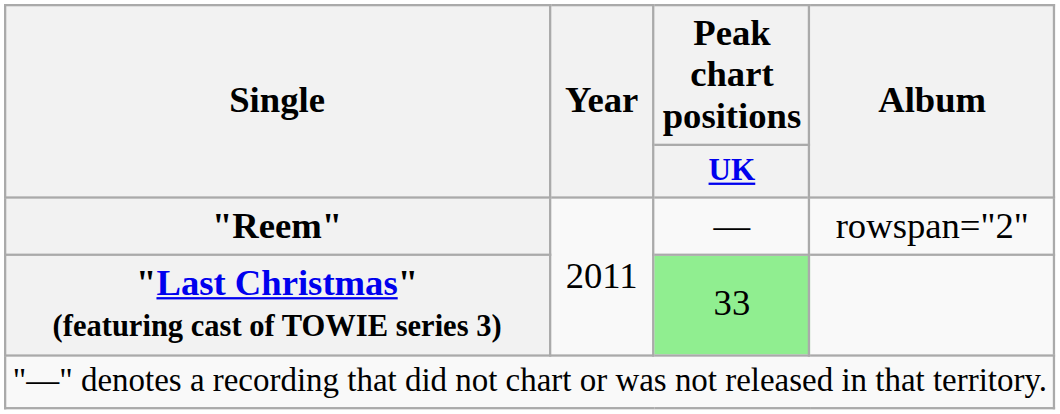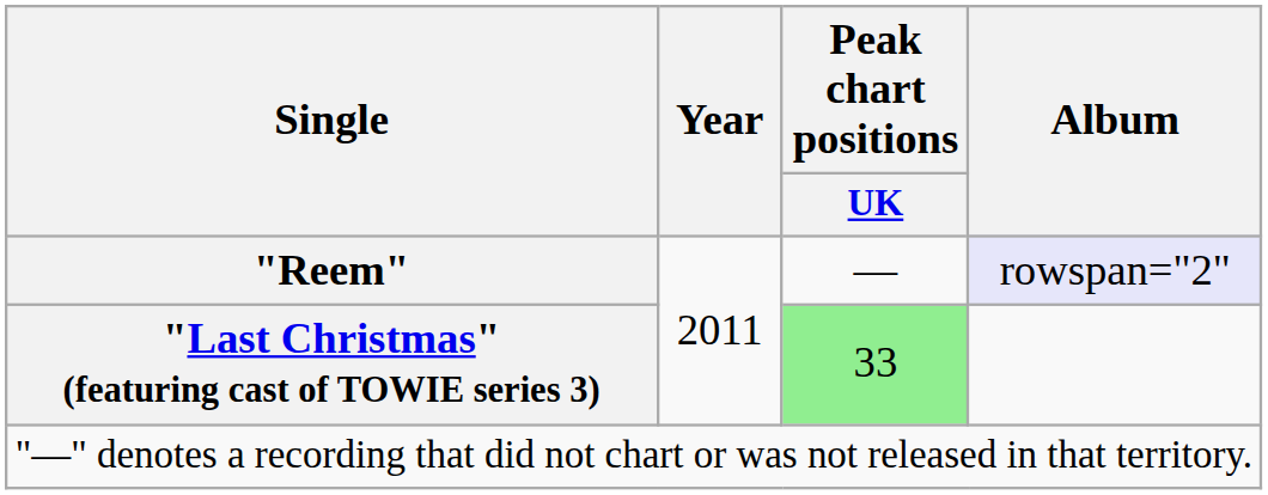 <table class="wikitable plainrowheaders" style="text-align:center;">
 <tr>
 <th scope="col" rowspan="2">Single</th>
 <th scope="col" rowspan="2">Year</th>
 <th scope="col" colspan="1">Peak chart positions</th>
 <th scope="col" rowspan="2">Album</th>
 </tr>
 <tr>
 <th scope="col" style="width:4em;font-size:85%;"><a href='#'>UK</a><br></th>
 </tr>
 <tr>
 <th scope="row">"Reem"</th>
 <td rowspan="2">2011</td>
 <td>—</td>
-<td>rowspan="2" </td>
+<td style="background: lavender;">rowspan="2" </td>
 </tr>
 <tr>
 <th scope="row">"<a href='#'>Last Christmas</a>"<br><small>(featuring cast of TOWIE series 3)</small></th>
 <td style="background: lightgreen;">33</td>
 </tr>
 <tr>
 <td colspan="4" style="font-size:90%">"—" denotes a recording that did not chart or was not released in that territory.</td>
 </tr>
 </table>
